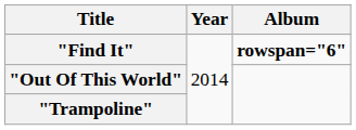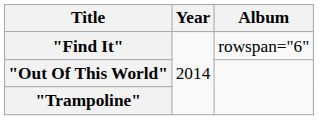 <table class="wikitable plainrowheaders" style="text-align:center" border="1">
 <tr>
 <th scope="col">Title</th>
 <th scope="col">Year</th>
 <th scope="col">Album</th>
 </tr>
 <tr>
 <th scope="row">"Find It"</th>
 <td rowspan="3">2014</td>
-<td><strong>rowspan="6" </strong></td>
+<td>rowspan="6" </td>
 </tr>
 <tr>
 <th scope="row">"Out Of This World"</th>
 </tr>
 <tr>
 <th scope="row">"Trampoline"</th>
 </tr>
 </table>
